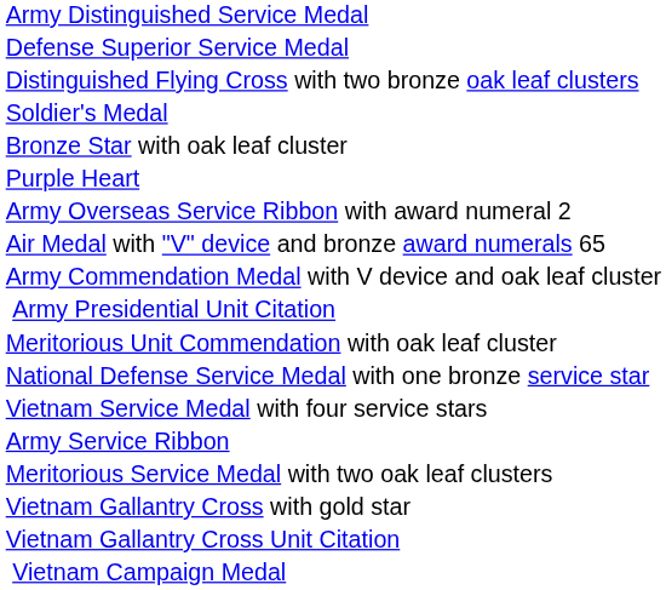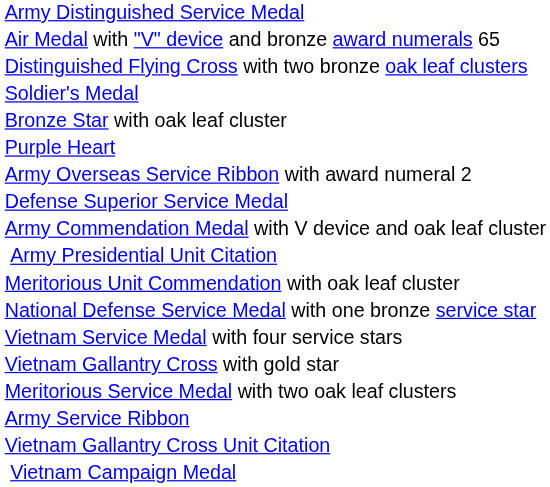 <table>
 <tr>
 <td> <a href='#'>Army Distinguished Service Medal</a></td>
 </tr>
 <tr>
-<td> <a href='#'>Defense Superior Service Medal</a></td>
+<td><span></span><span></span><span></span> <a href='#'>Air Medal</a> with <a href='#'>"V" device</a> and bronze <a href='#'>award numerals</a> 65</td>
 </tr>
 <tr>
 <td><span></span><span></span> <a href='#'>Distinguished Flying Cross</a> with two bronze <a href='#'>oak leaf clusters</a></td>
 </tr>
 <tr>
 <td> <a href='#'>Soldier's Medal</a></td>
 </tr>
 <tr>
 <td> <a href='#'>Bronze Star</a> with oak leaf cluster</td>
 </tr>
 <tr>
 <td> <a href='#'>Purple Heart</a></td>
 </tr>
 <tr>
 <td><span></span> <a href='#'>Army Overseas Service Ribbon</a> with award numeral 2</td>
 </tr>
 <tr>
-<td><span></span><span></span><span></span> <a href='#'>Air Medal</a> with <a href='#'>"V" device</a> and bronze <a href='#'>award numerals</a> 65</td>
+<td> <a href='#'>Defense Superior Service Medal</a></td>
 </tr>
 <tr>
 <td> <a href='#'>Army Commendation Medal</a> with V device and oak leaf cluster</td>
 </tr>
 <tr>
 <td> <a href='#'>Army Presidential Unit Citation</a></td>
 </tr>
 <tr>
 <td> <a href='#'>Meritorious Unit Commendation</a> with oak leaf cluster</td>
 </tr>
 <tr>
 <td> <a href='#'>National Defense Service Medal</a> with one bronze <a href='#'>service star</a></td>
 </tr>
 <tr>
 <td> <a href='#'>Vietnam Service Medal</a> with four service stars</td>
 </tr>
 <tr>
-<td> <a href='#'>Army Service Ribbon</a></td>
+<td> <a href='#'>Vietnam Gallantry Cross</a> with gold star</td>
 </tr>
 <tr>
 <td><span></span><span></span> <a href='#'>Meritorious Service Medal</a> with two oak leaf clusters</td>
 </tr>
 <tr>
-<td> <a href='#'>Vietnam Gallantry Cross</a> with gold star</td>
+<td> <a href='#'>Army Service Ribbon</a></td>
 </tr>
 <tr>
 <td> <a href='#'>Vietnam Gallantry Cross Unit Citation</a></td>
 </tr>
 <tr>
 <td> <a href='#'>Vietnam Campaign Medal</a></td>
 </tr>
 </table>
